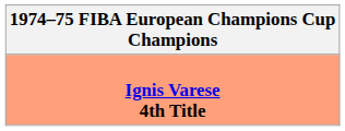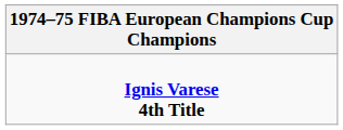 <table class=wikitable style="text-align:center; margin:auto">
 <tr>
 <th>1974–75 FIBA European Champions Cup<br>Champions</th>
 </tr>
 <tr>
-<td style="background: lightsalmon;"> <br> <strong><a href='#'>Ignis Varese</a></strong> <br> <strong>4th Title</strong></td>
+<td> <br> <strong><a href='#'>Ignis Varese</a></strong> <br> <strong>4th Title</strong></td>
 </tr>
 </table>
